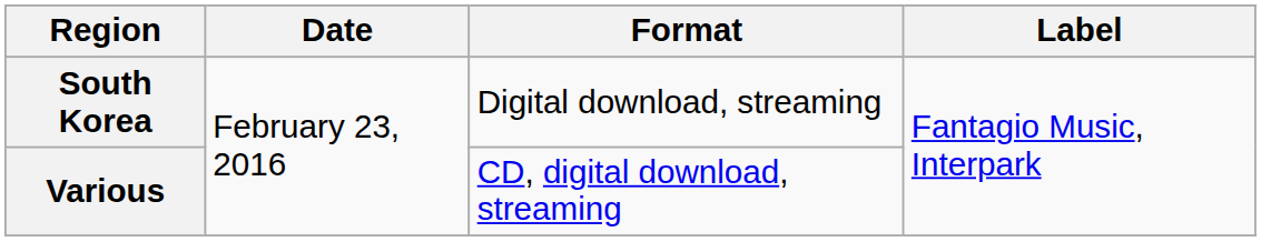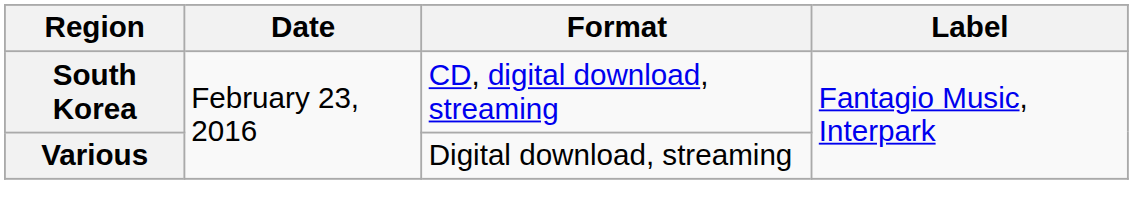 <table class="wikitable plainrowheaders">
 <tr>
 <th scope="col">Region</th>
 <th>Date</th>
 <th>Format</th>
 <th>Label</th>
 </tr>
 <tr>
 <th scope="row">South Korea</th>
 <td rowspan="2">February 23, 2016</td>
-<td>Digital download, streaming</td>
+<td><a href='#'>CD</a>, <a href='#'>digital download</a>, <a href='#'>streaming</a></td>
 <td rowspan="2"><a href='#'>Fantagio Music</a>, <a href='#'>Interpark</a></td>
 </tr>
 <tr>
 <th scope="row">Various</th>
-<td><a href='#'>CD</a>, <a href='#'>digital download</a>, <a href='#'>streaming</a></td>
+<td>Digital download, streaming</td>
 </tr>
 </table>
